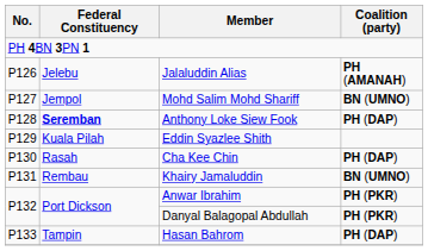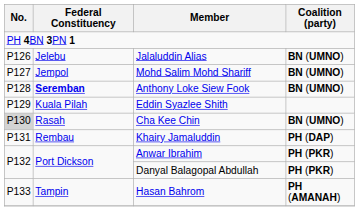 <table class="wikitable sortable">
 <tr>
 <th style="width:30px;">No.</th>
 <th style="width:150px;">Federal Constituency</th>
 <th style="width:230px;">Member</th>
 <th style="width:100px;">Coalition (party)</th>
 </tr>
 <tr>
 <td colspan="4"><a href='#'>PH</a> <strong>4</strong><a href='#'>BN</a> <strong>3</strong><a href='#'>PN</a> <strong>1</strong></td>
 </tr>
 <tr>
 <td>P126</td>
 <td><a href='#'>Jelebu</a></td>
 <td><a href='#'>Jalaluddin Alias</a></td>
-<td><strong>PH</strong> (<strong>AMANAH</strong>)</td>
+<td><strong>BN</strong> (<strong>UMNO</strong>)</td>
 </tr>
 <tr>
 <td>P127</td>
 <td><a href='#'>Jempol</a></td>
 <td><a href='#'>Mohd Salim Mohd Shariff</a></td>
 <td><strong>BN</strong> (<strong>UMNO</strong>)</td>
 </tr>
 <tr>
 <td>P128</td>
 <td><strong><a href='#'>Seremban</a></strong></td>
 <td><a href='#'>Anthony Loke Siew Fook</a></td>
-<td><strong>PH</strong> (<strong>DAP</strong>)</td>
+<td><strong>BN</strong> (<strong>UMNO</strong>)</td>
 </tr>
 <tr>
 <td>P129</td>
 <td><a href='#'>Kuala Pilah</a></td>
 <td><a href='#'>Eddin Syazlee Shith</a></td>
 <td></td>
 </tr>
 <tr>
-<td>P130</td>
+<td style="background: lightgrey;">P130</td>
 <td><a href='#'>Rasah</a></td>
 <td><a href='#'>Cha Kee Chin</a></td>
-<td><strong>PH</strong> (<strong>DAP</strong>)</td>
+<td><strong>BN</strong> (<strong>UMNO</strong>)</td>
 </tr>
 <tr>
 <td>P131</td>
 <td><a href='#'>Rembau</a></td>
 <td><a href='#'>Khairy Jamaluddin</a></td>
-<td><strong>BN</strong> (<strong>UMNO</strong>)</td>
+<td><strong>PH</strong> (<strong>DAP</strong>)</td>
 </tr>
 <tr>
 <td rowspan="2">P132</td>
 <td rowspan="2"><a href='#'>Port Dickson</a></td>
 <td><a href='#'>Anwar Ibrahim</a> </td>
 <td><strong>PH</strong> (<strong>PKR</strong>)</td>
 </tr>
 <tr>
 <td>Danyal Balagopal Abdullah </td>
 <td><strong>PH</strong> (<strong>PKR</strong>)</td>
 </tr>
 <tr>
 <td>P133</td>
 <td><a href='#'>Tampin</a></td>
 <td><a href='#'>Hasan Bahrom</a></td>
-<td><strong>PH</strong> (<strong>DAP</strong>)</td>
+<td><strong>PH</strong> (<strong>AMANAH</strong>)</td>
 </tr>
 <tr>
 </tr>
 </table>
